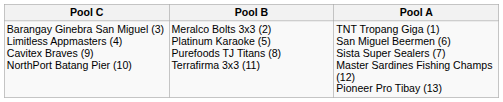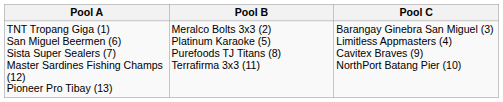 <table class=wikitable width=750>
 <tr>
+<th width=33%>Pool A</th>
+<th width=33%>Pool B</th>
 <th width=33%>Pool C</th>
-<th width=33%>Pool B</th>
-<th width=33%>Pool A</th>
 </tr>
 <tr valign=top>
+<td>TNT Tropang Giga (1) <br> San Miguel Beermen (6) <br> Sista Super Sealers (7) <br> Master Sardines Fishing Champs (12) <br> Pioneer Pro Tibay (13)</td>
+<td>Meralco Bolts 3x3 (2) <br> Platinum Karaoke (5) <br> Purefoods TJ Titans (8) <br> Terrafirma 3x3 (11)</td>
 <td>Barangay Ginebra San Miguel (3) <br> Limitless Appmasters (4) <br> Cavitex Braves (9) <br> NorthPort Batang Pier (10)</td>
-<td>Meralco Bolts 3x3 (2) <br> Platinum Karaoke (5) <br> Purefoods TJ Titans (8) <br> Terrafirma 3x3 (11)</td>
-<td>TNT Tropang Giga (1) <br> San Miguel Beermen (6) <br> Sista Super Sealers (7) <br> Master Sardines Fishing Champs (12) <br> Pioneer Pro Tibay (13)</td>
 </tr>
 </table>
